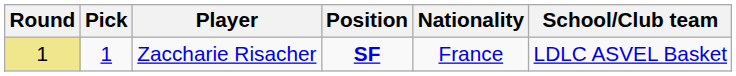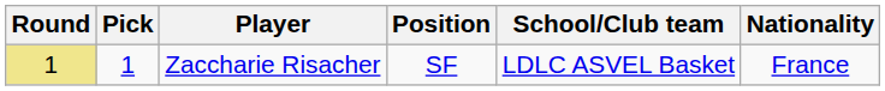 <table class="wikitable sortable sortable">
 <tr>
 <th>Round</th>
 <th>Pick</th>
 <th>Player</th>
 <th>Position</th>
+<th>School/Club team</th>
 <th>Nationality</th>
-<th>School/Club team</th>
 </tr>
 <tr style="text-align: center">
 <td style="background: khaki;">1</td>
 <td><a href='#'>1</a></td>
 <td><a href='#'>Zaccharie Risacher</a></td>
-<td><strong><a href='#'>SF</a></strong></td>
+<td><a href='#'>SF</a></td>
+<td><a href='#'>LDLC ASVEL Basket</a></td>
 <td> <a href='#'>France</a></td>
-<td><a href='#'>LDLC ASVEL Basket</a></td>
 </tr>
 </table>
